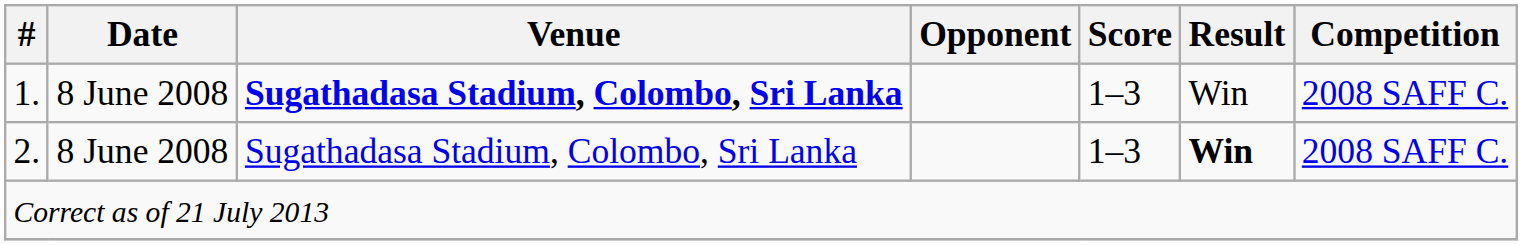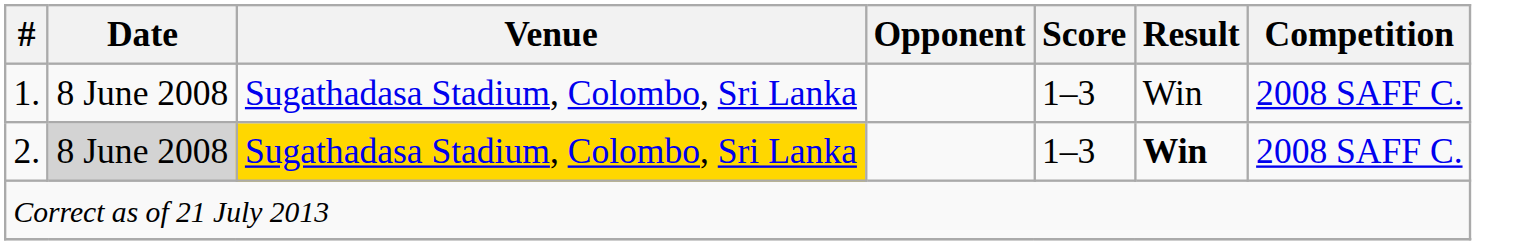 <table class="wikitable" style="font-size:95%;">
 <tr>
 <th>#</th>
 <th>Date</th>
 <th>Venue</th>
 <th>Opponent</th>
 <th>Score</th>
 <th>Result</th>
 <th>Competition</th>
 </tr>
 <tr>
 <td>1.</td>
 <td>8 June 2008</td>
-<td><strong><a href='#'>Sugathadasa Stadium</a>, <a href='#'>Colombo</a>, <a href='#'>Sri Lanka</a></strong></td>
+<td><a href='#'>Sugathadasa Stadium</a>, <a href='#'>Colombo</a>, <a href='#'>Sri Lanka</a></td>
 <td></td>
 <td>1–3</td>
 <td>Win</td>
 <td><a href='#'>2008 SAFF C.</a></td>
 </tr>
 <tr>
 <td>2.</td>
-<td>8 June 2008</td>
-<td><a href='#'>Sugathadasa Stadium</a>, <a href='#'>Colombo</a>, <a href='#'>Sri Lanka</a></td>
+<td style="background: lightgrey;">8 June 2008</td>
+<td style="background: gold;"><a href='#'>Sugathadasa Stadium</a>, <a href='#'>Colombo</a>, <a href='#'>Sri Lanka</a></td>
 <td></td>
 <td>1–3</td>
 <td><strong>Win</strong></td>
 <td><a href='#'>2008 SAFF C.</a></td>
 </tr>
 <tr>
 <td colspan="12"><small><em>Correct as of 21 July 2013</em></small></td>
 </tr>
 <tr>
 </tr>
 </table>
